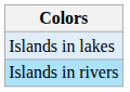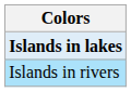 <table class="wikitable">
 <tr>
 <th>Colors</th>
 </tr>
 <tr>
-<td bgcolor="#DFEDF8">Islands in lakes</td>
+<td bgcolor="#DFEDF8"><strong>Islands in lakes</strong></td>
 </tr>
 <tr>
 <td bgcolor="#ABE2FA">Islands in rivers</td>
 </tr>
 </table>
